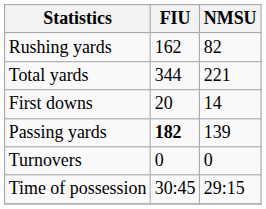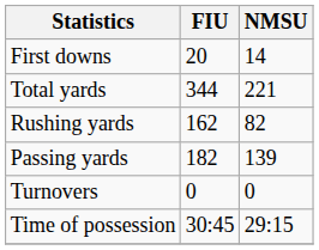 <table class="wikitable">
 <tr>
 <th>Statistics</th>
 <th>FIU</th>
 <th>NMSU</th>
 </tr>
 <tr>
-<td>Rushing yards</td>
-<td>162</td>
-<td>82</td>
+<td>First downs</td>
+<td>20</td>
+<td>14</td>
 </tr>
 <tr>
 <td>Total yards</td>
 <td>344</td>
 <td>221</td>
 </tr>
 <tr>
-<td>First downs</td>
-<td>20</td>
-<td>14</td>
+<td>Rushing yards</td>
+<td>162</td>
+<td>82</td>
 </tr>
 <tr>
 <td>Passing yards</td>
-<td><strong>182</strong></td>
+<td>182</td>
 <td>139</td>
 </tr>
 <tr>
 <td>Turnovers</td>
 <td>0</td>
 <td>0</td>
 </tr>
 <tr>
 <td>Time of possession</td>
 <td>30:45</td>
 <td>29:15</td>
 </tr>
 <tr>
 </tr>
 </table>
